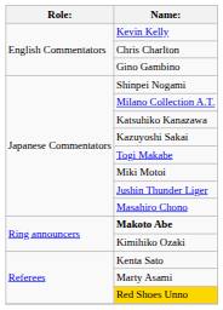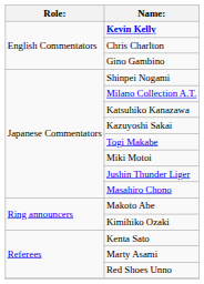 <table class=wikitable style="font-size:90%; margin: 0.5em 0 0.5em 1em; float: right; clear: right;">
 <tr>
 <th>Role:</th>
 <th>Name:</th>
 </tr>
 <tr>
 <td rowspan="3">English Commentators</td>
-<td><a href='#'>Kevin Kelly</a></td>
+<td><strong><a href='#'>Kevin Kelly</a></strong></td>
 </tr>
 <tr>
 <td>Chris Charlton</td>
 </tr>
 <tr>
 <td>Gino Gambino</td>
 </tr>
 <tr>
 <td rowspan=8>Japanese Commentators</td>
 <td>Shinpei Nogami</td>
 </tr>
 <tr>
 <td><a href='#'>Milano Collection A.T.</a></td>
 </tr>
 <tr>
 <td>Katsuhiko Kanazawa</td>
 </tr>
 <tr>
 <td>Kazuyoshi Sakai</td>
 </tr>
 <tr>
 <td><a href='#'>Togi Makabe</a></td>
 </tr>
 <tr>
 <td>Miki Motoi</td>
 </tr>
 <tr>
 <td><a href='#'>Jushin Thunder Liger</a></td>
 </tr>
 <tr>
 <td><a href='#'>Masahiro Chono</a></td>
 </tr>
 <tr>
 <td rowspan=2><a href='#'>Ring announcers</a></td>
-<td><strong>Makoto Abe</strong></td>
+<td>Makoto Abe</td>
 </tr>
 <tr>
 <td>Kimihiko Ozaki</td>
 </tr>
 <tr>
 <td rowspan="3"><a href='#'>Referees</a></td>
 <td>Kenta Sato</td>
 </tr>
 <tr>
 <td>Marty Asami</td>
 </tr>
 <tr>
-<td style="background: gold;">Red Shoes Unno</td>
+<td>Red Shoes Unno</td>
 </tr>
 <tr>
 </tr>
 </table>
